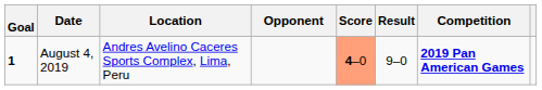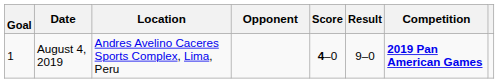 <table class="wikitable sortable" style="font-size:90%" width=97%>
 <tr>
 <th style="font-size:95%;" data-sort-type=number><br>Goal</th>
 <th align=center>Date</th>
 <th>Location</th>
 <th width=90>Opponent</th>
 <th data-sort-type="number" style="font-size:95%">Score</th>
 <th data-sort-type="number" style="font-size:95%">Result</th>
 <th>Competition</th>
 <th></th>
 </tr>
 <tr>
-<td><strong>1</strong></td>
+<td>1</td>
 <td>August 4, 2019</td>
 <td><a href='#'>Andres Avelino Caceres Sports Complex</a>, <a href='#'>Lima</a>, Peru</td>
 <td></td>
-<td align="center" style="background: lightsalmon;"><strong>4</strong>–0</td>
+<td align="center"><strong>4</strong>–0</td>
 <td rowspan=2; align="center">9–0</td>
 <td><strong><a href='#'>2019 Pan American Games</a></strong></td>
 <td></td>
 </tr>
 </table>
